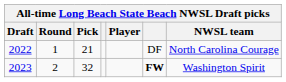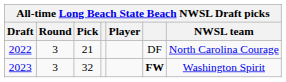 <table class="wikitable sortable" style="text-align: center;">
 <tr>
 <th colspan="7" style="background:#">All-time <a href='#'><span>Long Beach State Beach</span></a> NWSL Draft picks</th>
 </tr>
 <tr>
 <th scope="col">Draft</th>
 <th scope="col">Round</th>
 <th scope="col">Pick</th>
 <th scope="col"></th>
 <th scope="col">Player</th>
 <th scope="col"></th>
 <th scope="col">NWSL team</th>
 </tr>
 <tr>
 <td><a href='#'>2022</a></td>
-<td>1</td>
+<td>3</td>
 <td>21</td>
 <td></td>
 <td></td>
 <td>DF</td>
 <td><a href='#'>North Carolina Courage</a></td>
 </tr>
 <tr>
 <td><a href='#'>2023</a></td>
-<td>2</td>
+<td>3</td>
 <td>32</td>
 <td></td>
 <td></td>
 <td><strong>FW</strong></td>
 <td><a href='#'>Washington Spirit</a></td>
 </tr>
 </table>
